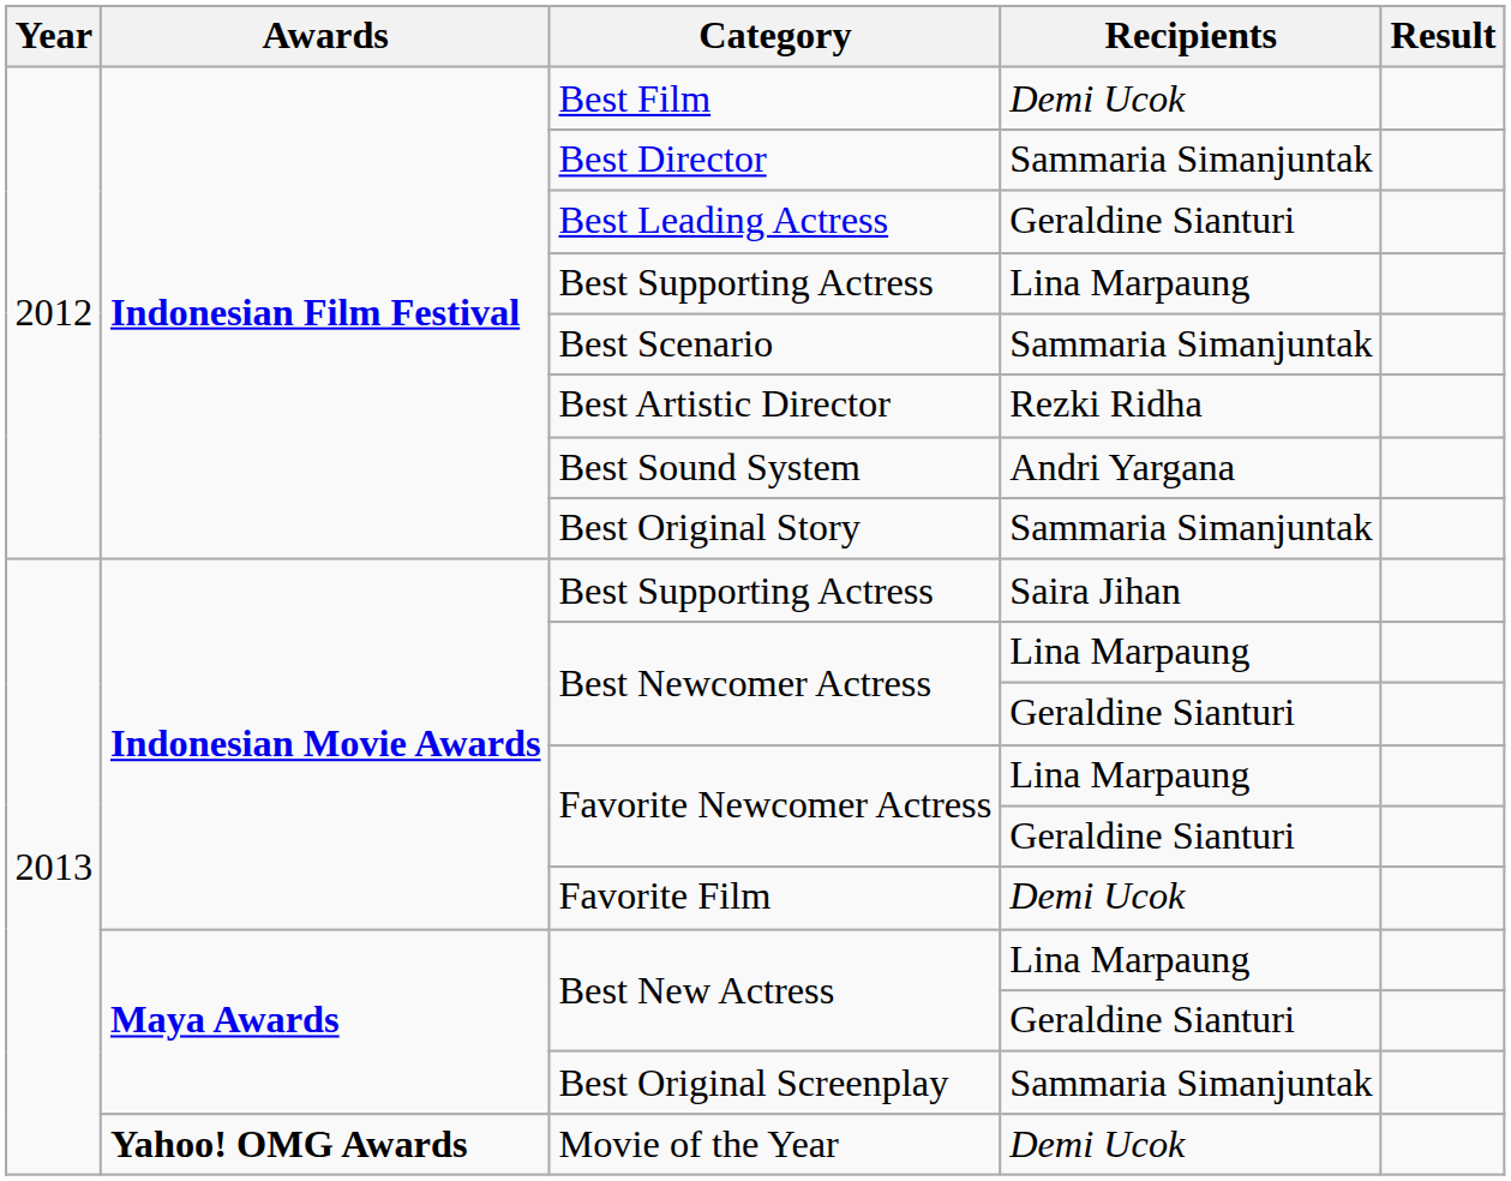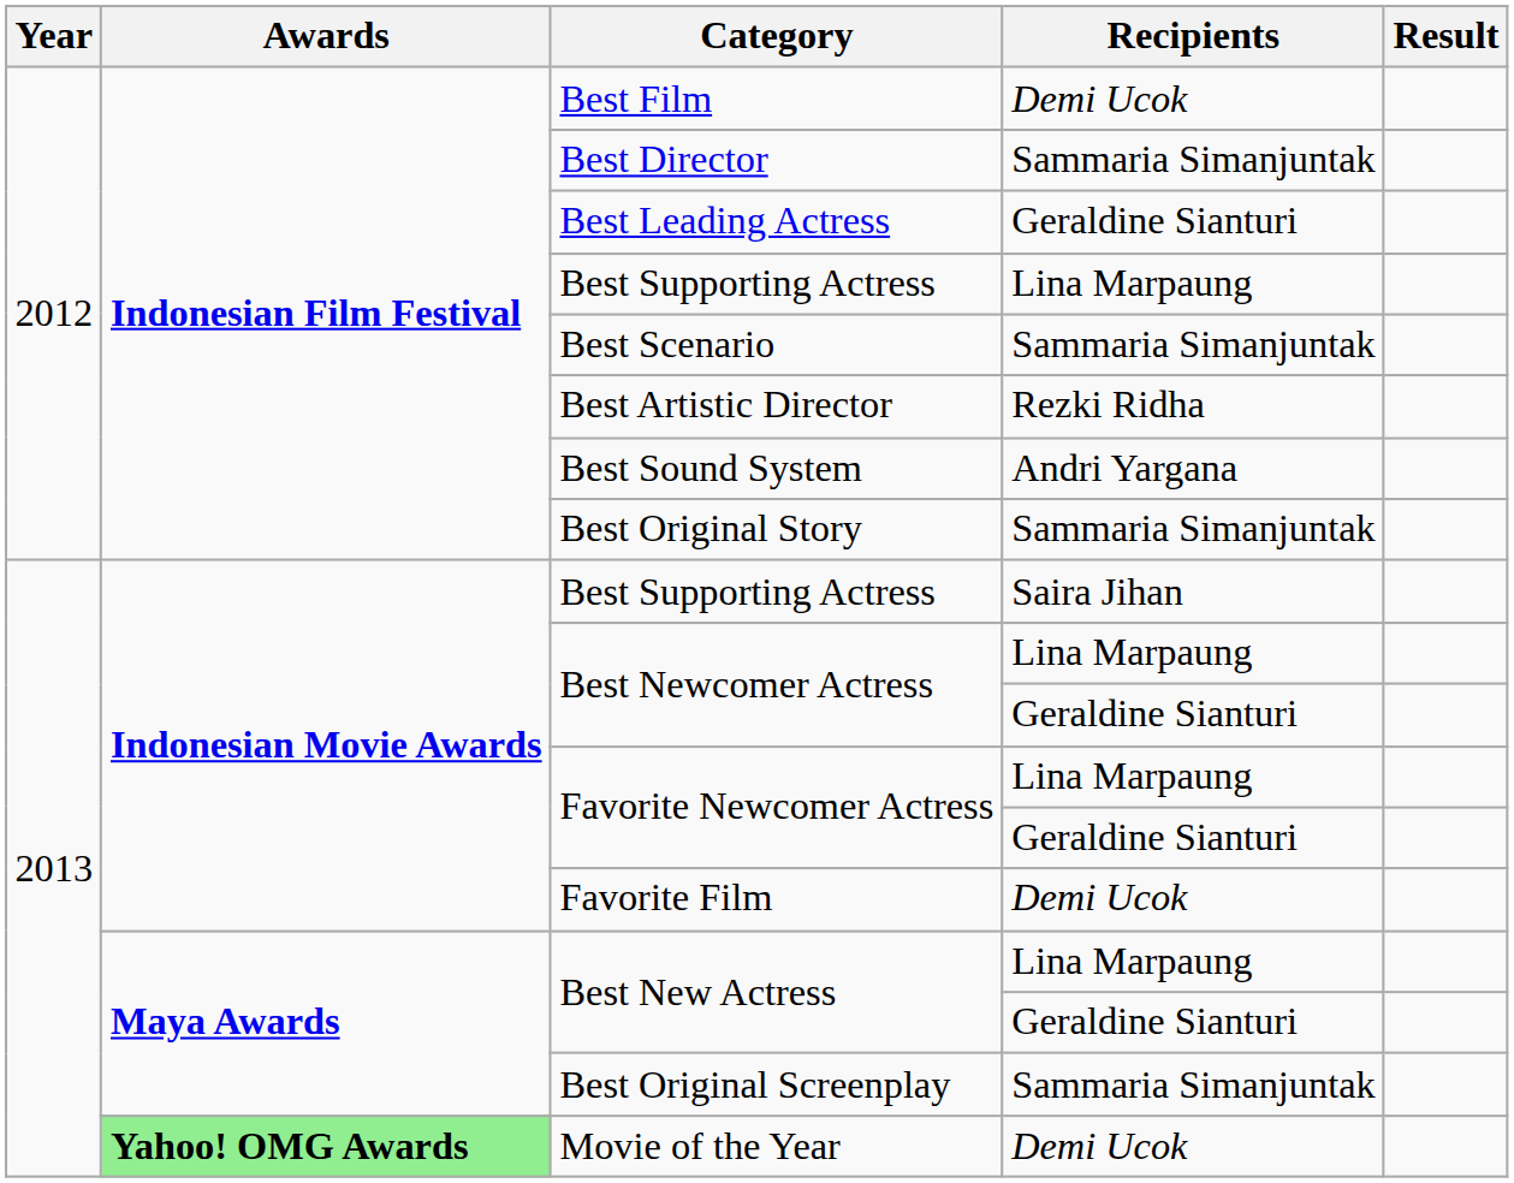 <table class="wikitable">
 <tr>
 <th>Year</th>
 <th>Awards</th>
 <th>Category</th>
 <th>Recipients</th>
 <th>Result</th>
 </tr>
 <tr>
 <td rowspan= "8">2012</td>
 <td rowspan= "8"><strong><a href='#'>Indonesian Film Festival</a></strong></td>
 <td><a href='#'>Best Film</a></td>
 <td><em>Demi Ucok</em></td>
 <td></td>
 </tr>
 <tr>
 <td><a href='#'>Best Director</a></td>
 <td>Sammaria Simanjuntak</td>
 <td></td>
 </tr>
 <tr>
 <td><a href='#'>Best Leading Actress</a></td>
 <td>Geraldine Sianturi</td>
 <td></td>
 </tr>
 <tr>
 <td>Best Supporting Actress</td>
 <td>Lina Marpaung</td>
 <td></td>
 </tr>
 <tr>
 <td>Best Scenario</td>
 <td>Sammaria Simanjuntak</td>
 <td></td>
 </tr>
 <tr>
 <td>Best Artistic Director</td>
 <td>Rezki Ridha</td>
 <td></td>
 </tr>
 <tr>
 <td>Best Sound System</td>
 <td>Andri Yargana</td>
 <td></td>
 </tr>
 <tr>
 <td>Best Original Story</td>
 <td>Sammaria Simanjuntak</td>
 <td></td>
 </tr>
 <tr>
 <td rowspan= "10">2013</td>
 <td rowspan= "6"><strong><a href='#'>Indonesian Movie Awards</a></strong></td>
 <td>Best Supporting Actress</td>
 <td>Saira Jihan</td>
 <td></td>
 </tr>
 <tr>
 <td rowspan= "2">Best Newcomer Actress</td>
 <td>Lina Marpaung</td>
 <td></td>
 </tr>
 <tr>
 <td>Geraldine Sianturi</td>
 <td></td>
 </tr>
 <tr>
 <td rowspan= "2">Favorite Newcomer Actress</td>
 <td>Lina Marpaung</td>
 <td></td>
 </tr>
 <tr>
 <td>Geraldine Sianturi</td>
 <td></td>
 </tr>
 <tr>
 <td>Favorite Film</td>
 <td><em>Demi Ucok</em></td>
 <td></td>
 </tr>
 <tr>
 <td rowspan= "3"><strong><a href='#'>Maya Awards</a></strong></td>
 <td rowspan= "2">Best New Actress</td>
 <td>Lina Marpaung</td>
 <td></td>
 </tr>
 <tr>
 <td>Geraldine Sianturi</td>
 <td></td>
 </tr>
 <tr>
 <td>Best Original Screenplay</td>
 <td>Sammaria Simanjuntak</td>
 <td></td>
 </tr>
 <tr>
-<td><strong>Yahoo! OMG Awards</strong></td>
+<td style="background: lightgreen;"><strong>Yahoo! OMG Awards</strong></td>
 <td>Movie of the Year</td>
 <td><em>Demi Ucok</em></td>
 <td></td>
 </tr>
 </table>
